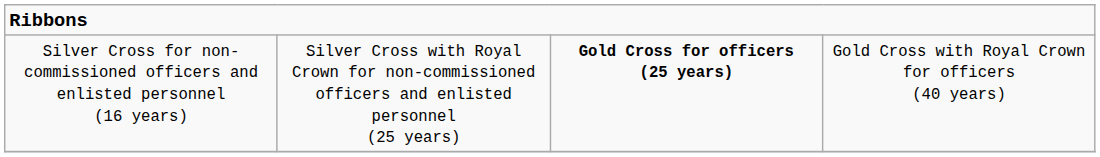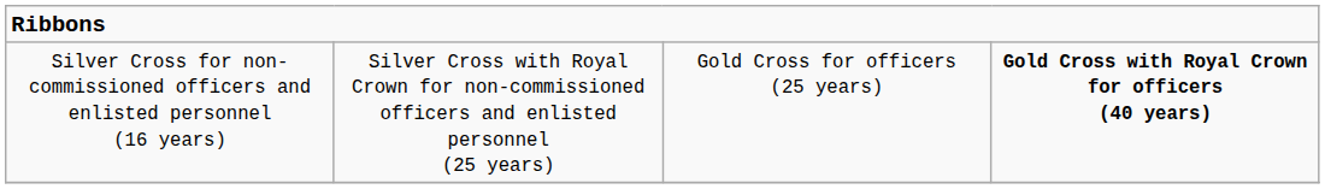 <table align=center class=wikitable width=60%>
 <tr>
 <td colspan=5><strong>Ribbons</strong></td>
 </tr>
 <tr>
 <td width=20% valign=top align=center><small> Silver Cross for non-commissioned officers and enlisted personnel<br>(16 years)</small></td>
 <td width=20% valign=top align=center><small> Silver Cross with Royal Crown for non-commissioned officers and enlisted personnel <br>(25 years)</small></td>
-<td width=20% valign=top align=center><strong><small> Gold Cross for officers<br>(25 years)</small></strong></td>
-<td width=20% valign=top align=center><small> Gold Cross with Royal Crown for officers<br>(40 years)</small></td>
+<td width=20% valign=top align=center><small> Gold Cross for officers<br>(25 years)</small></td>
+<td width=20% valign=top align=center><strong><small> Gold Cross with Royal Crown for officers<br>(40 years)</small></strong></td>
 </tr>
 <tr>
 </tr>
 </table>
